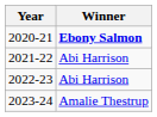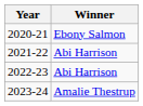 <table class="wikitable">
 <tr>
 <th>Year</th>
 <th>Winner</th>
 </tr>
 <tr>
 <td>2020-21</td>
-<td><strong>  <a href='#'>Ebony Salmon</a></strong></td>
+<td>  <a href='#'>Ebony Salmon</a></td>
 </tr>
 <tr>
 <td>2021-22</td>
 <td> <a href='#'>Abi Harrison</a></td>
 </tr>
 <tr>
 <td>2022-23</td>
 <td> <a href='#'>Abi Harrison</a></td>
 </tr>
 <tr>
 <td>2023-24</td>
 <td><a href='#'>Amalie Thestrup</a></td>
 </tr>
 </table>
